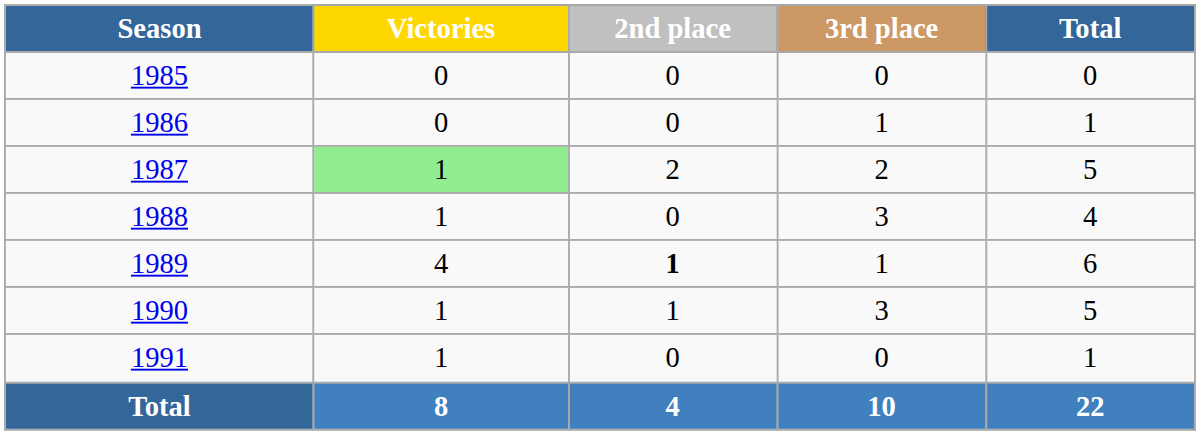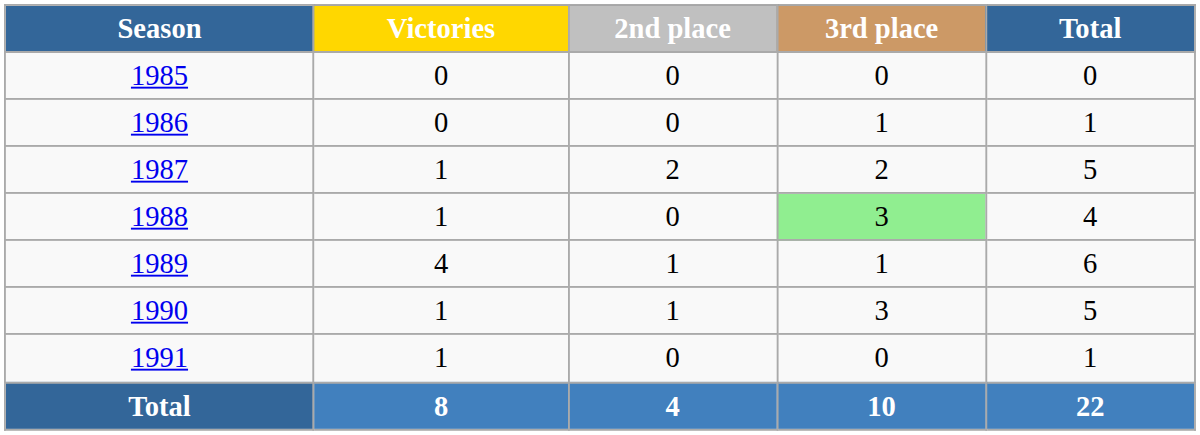 <table class="wikitable" style="font-size:95%; text-align:center; border:grey solid 1px; border-collapse:collapse;" width="40%">
 <tr style="background-color:#369; color:white;">
 <td rowspan="2" colspan="1" width="8%"><strong>Season</strong></td>
 </tr>
 <tr style="background-color:#4180be; color:white;">
 <td width="5%" style="background:gold;"><strong>Victories</strong></td>
 <td width="5%" style="background:silver;"><strong>2nd place</strong></td>
 <td width="5%" style="background:#c96;"><strong>3rd place</strong></td>
 <td width="5%" style="background-color:#369; color:white;"><strong>Total</strong></td>
 </tr>
 <tr style="background-color:#8CB2D8; color:white;">
 </tr>
 <tr>
 <td><a href='#'>1985</a></td>
 <td>0</td>
 <td>0</td>
 <td>0</td>
 <td>0</td>
 </tr>
 <tr>
 <td><a href='#'>1986</a></td>
 <td>0</td>
 <td>0</td>
 <td>1</td>
 <td>1</td>
 </tr>
 <tr>
 <td><a href='#'>1987</a></td>
-<td style="background: lightgreen;">1</td>
+<td>1</td>
 <td>2</td>
 <td>2</td>
 <td>5</td>
 </tr>
 <tr>
 <td><a href='#'>1988</a></td>
 <td>1</td>
 <td>0</td>
-<td>3</td>
+<td style="background: lightgreen;">3</td>
 <td>4</td>
 </tr>
 <tr>
 <td><a href='#'>1989</a></td>
 <td>4</td>
-<td><strong>1</strong></td>
+<td>1</td>
 <td>1</td>
 <td>6</td>
 </tr>
 <tr>
 <td><a href='#'>1990</a></td>
 <td>1</td>
 <td>1</td>
 <td>3</td>
 <td>5</td>
 </tr>
 <tr>
 <td><a href='#'>1991</a></td>
 <td>1</td>
 <td>0</td>
 <td>0</td>
 <td>1</td>
 </tr>
 <tr>
 <td style="background-color:#369; color:white;"><strong>Total</strong></td>
 <td style="background-color:#4180be; color:white;"><strong>8</strong></td>
 <td style="background-color:#4180be; color:white;"><strong>4</strong></td>
 <td style="background-color:#4180be; color:white;"><strong>10</strong></td>
 <td style="background-color:#4180be; color:white;"><strong>22</strong></td>
 </tr>
 </table>
